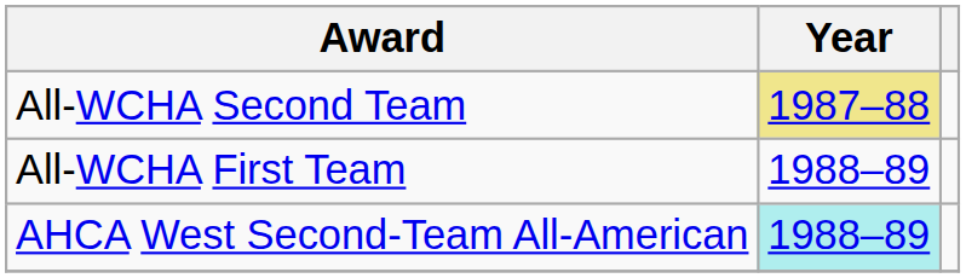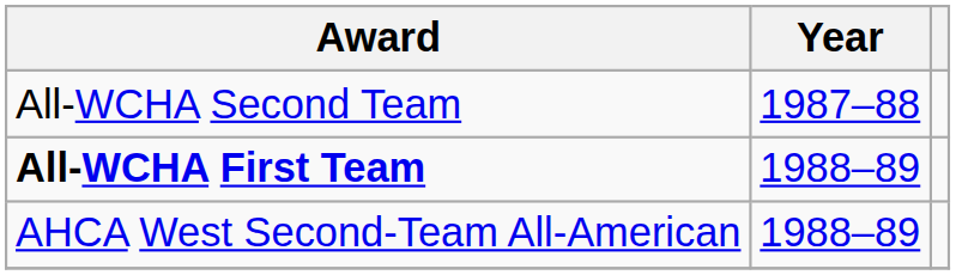 <table class="wikitable">
 <tr>
 <th>Award</th>
 <th>Year</th>
 <th></th>
 </tr>
 <tr>
 <td>All-<a href='#'>WCHA</a> <a href='#'>Second Team</a></td>
-<td style="background: khaki;"><a href='#'>1987–88</a></td>
+<td><a href='#'>1987–88</a></td>
 <td></td>
 </tr>
 <tr>
-<td>All-<a href='#'>WCHA</a> <a href='#'>First Team</a></td>
+<td><strong>All-<a href='#'>WCHA</a> <a href='#'>First Team</a></strong></td>
 <td><a href='#'>1988–89</a></td>
 <td></td>
 </tr>
 <tr>
 <td><a href='#'>AHCA</a> <a href='#'>West Second-Team All-American</a></td>
-<td style="background: paleturquoise;"><a href='#'>1988–89</a></td>
+<td><a href='#'>1988–89</a></td>
 <td></td>
 </tr>
 <tr>
 </tr>
 </table>
